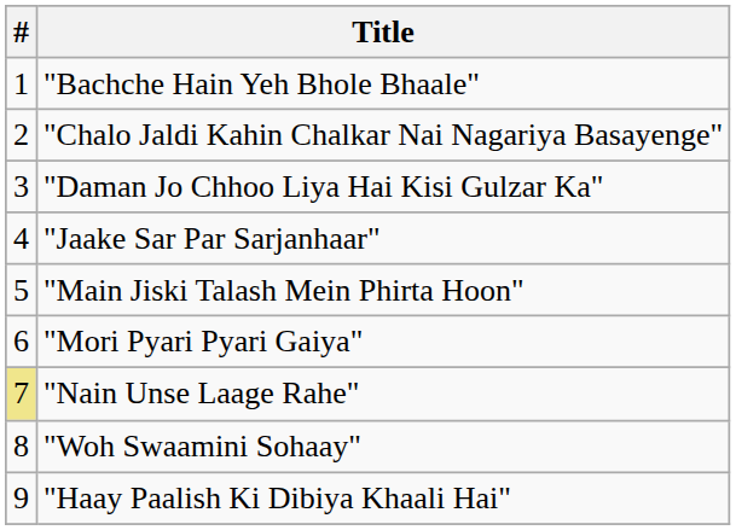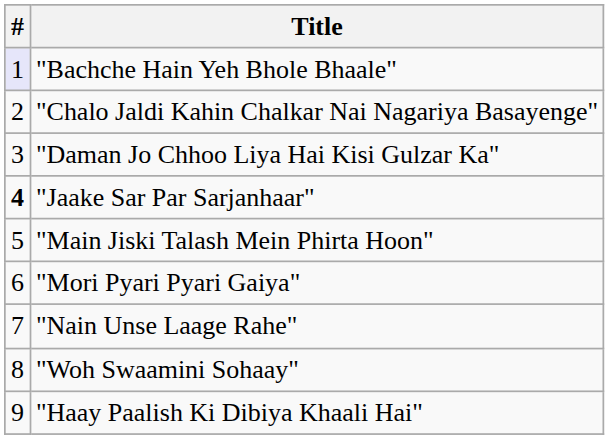 <table class="wikitable" style="font-size:95%;">
 <tr>
 <th>#</th>
 <th>Title</th>
 </tr>
 <tr>
-<td>1</td>
+<td style="background: lavender;">1</td>
 <td>"Bachche Hain Yeh Bhole Bhaale"</td>
 </tr>
 <tr>
 <td>2</td>
 <td>"Chalo Jaldi Kahin Chalkar Nai Nagariya Basayenge"</td>
 </tr>
 <tr>
 <td>3</td>
 <td>"Daman Jo Chhoo Liya Hai Kisi Gulzar Ka"</td>
 </tr>
 <tr>
-<td>4</td>
+<td><strong>4</strong></td>
 <td>"Jaake Sar Par Sarjanhaar"</td>
 </tr>
 <tr>
 <td>5</td>
 <td>"Main Jiski Talash Mein Phirta Hoon"</td>
 </tr>
 <tr>
 <td>6</td>
 <td>"Mori Pyari Pyari Gaiya"</td>
 </tr>
 <tr>
-<td style="background: khaki;">7</td>
+<td>7</td>
 <td>"Nain Unse Laage Rahe"</td>
 </tr>
 <tr>
 <td>8</td>
 <td>"Woh Swaamini Sohaay"</td>
 </tr>
 <tr>
 <td>9</td>
 <td>"Haay Paalish Ki Dibiya Khaali Hai"</td>
 </tr>
 </table>
